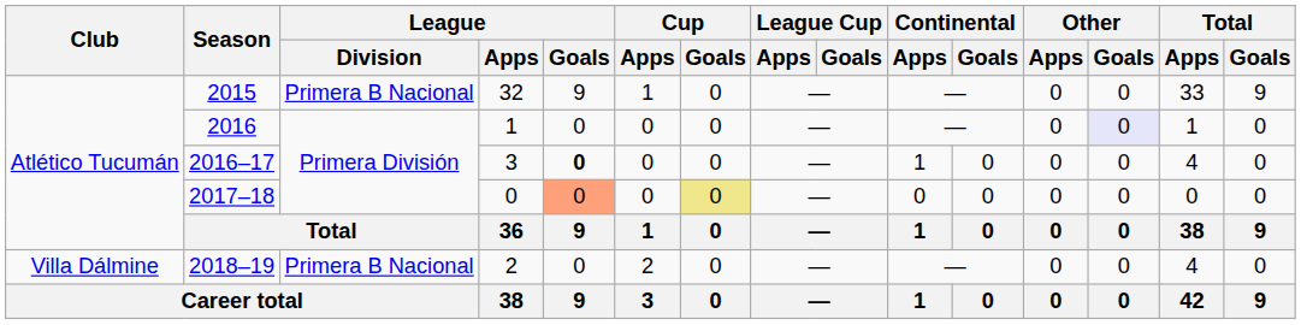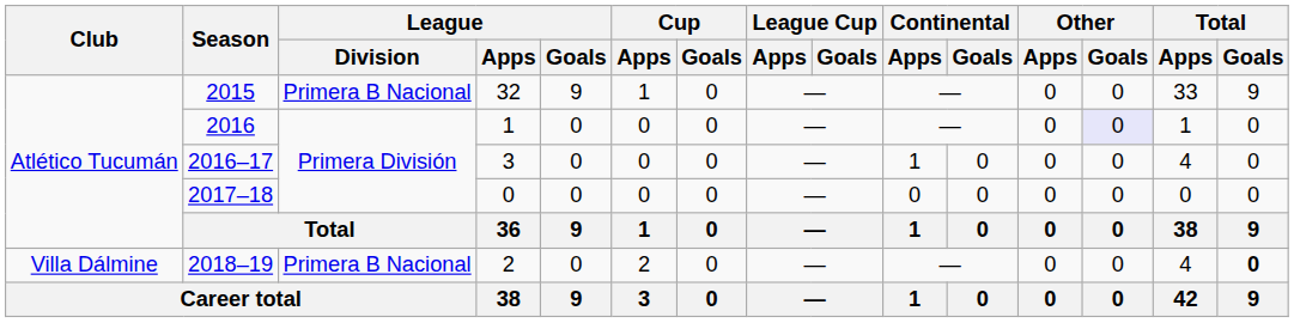 <table class="wikitable" style="text-align:center">
 <tr>
 <th rowspan="2">Club</th>
 <th rowspan="2">Season</th>
 <th colspan="3">League</th>
 <th colspan="2">Cup</th>
 <th colspan="2">League Cup</th>
 <th colspan="2">Continental</th>
 <th colspan="2">Other</th>
 <th colspan="2">Total</th>
 </tr>
 <tr>
 <th>Division</th>
 <th>Apps</th>
 <th>Goals</th>
 <th>Apps</th>
 <th>Goals</th>
 <th>Apps</th>
 <th>Goals</th>
 <th>Apps</th>
 <th>Goals</th>
 <th>Apps</th>
 <th>Goals</th>
 <th>Apps</th>
 <th>Goals</th>
 </tr>
 <tr>
 <td rowspan="5"><a href='#'>Atlético Tucumán</a></td>
 <td><a href='#'>2015</a></td>
 <td rowspan="1"><a href='#'>Primera B Nacional</a></td>
 <td>32</td>
 <td>9</td>
 <td>1</td>
 <td>0</td>
 <td colspan="2">—</td>
 <td colspan="2">—</td>
 <td>0</td>
 <td>0</td>
 <td>33</td>
 <td>9</td>
 </tr>
 <tr>
 <td><a href='#'>2016</a></td>
 <td rowspan="3"><a href='#'>Primera División</a></td>
 <td>1</td>
 <td>0</td>
 <td>0</td>
 <td>0</td>
 <td colspan="2">—</td>
 <td colspan="2">—</td>
 <td>0</td>
 <td style="background: lavender;">0</td>
 <td>1</td>
 <td>0</td>
 </tr>
 <tr>
 <td><a href='#'>2016–17</a></td>
 <td>3</td>
-<td><strong>0</strong></td>
+<td>0</td>
 <td>0</td>
 <td>0</td>
 <td colspan="2">—</td>
 <td>1</td>
 <td>0</td>
 <td>0</td>
 <td>0</td>
 <td>4</td>
 <td>0</td>
 </tr>
 <tr>
 <td><a href='#'>2017–18</a></td>
 <td>0</td>
-<td style="background: lightsalmon;">0</td>
 <td>0</td>
-<td style="background: khaki;">0</td>
+<td>0</td>
+<td>0</td>
 <td colspan="2">—</td>
 <td>0</td>
 <td>0</td>
 <td>0</td>
 <td>0</td>
 <td>0</td>
 <td>0</td>
 </tr>
 <tr>
 <th colspan="2">Total</th>
 <th>36</th>
 <th>9</th>
 <th>1</th>
 <th>0</th>
 <th colspan="2">—</th>
 <th>1</th>
 <th>0</th>
 <th>0</th>
 <th>0</th>
 <th>38</th>
 <th>9</th>
 </tr>
 <tr>
 <td rowspan="1"><a href='#'>Villa Dálmine</a></td>
 <td><a href='#'>2018–19</a></td>
 <td rowspan="1"><a href='#'>Primera B Nacional</a></td>
 <td>2</td>
 <td>0</td>
 <td>2</td>
 <td>0</td>
 <td colspan="2">—</td>
 <td colspan="2">—</td>
 <td>0</td>
 <td>0</td>
 <td>4</td>
-<td>0</td>
+<td><strong>0</strong></td>
 </tr>
 <tr>
 <th colspan="3">Career total</th>
 <th>38</th>
 <th>9</th>
 <th>3</th>
 <th>0</th>
 <th colspan="2">—</th>
 <th>1</th>
 <th>0</th>
 <th>0</th>
 <th>0</th>
 <th>42</th>
 <th>9</th>
 </tr>
 </table>
